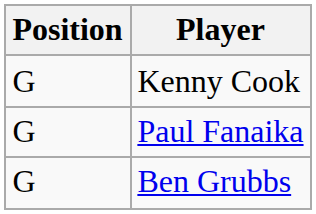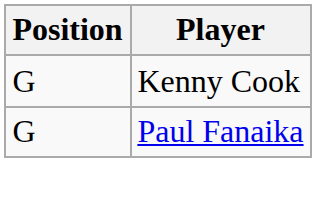 <table class="wikitable sortable">
 <tr>
 <th>Position</th>
 <th>Player</th>
 </tr>
 <tr>
 <td>G</td>
 <td>Kenny Cook</td>
 </tr>
 <tr>
 <td>G</td>
 <td><a href='#'>Paul Fanaika</a></td>
 </tr>
 <tr>
-<td>G</td>
-<td><a href='#'>Ben Grubbs</a></td>
-</tr>
-<tr>
 </tr>
 </table>
